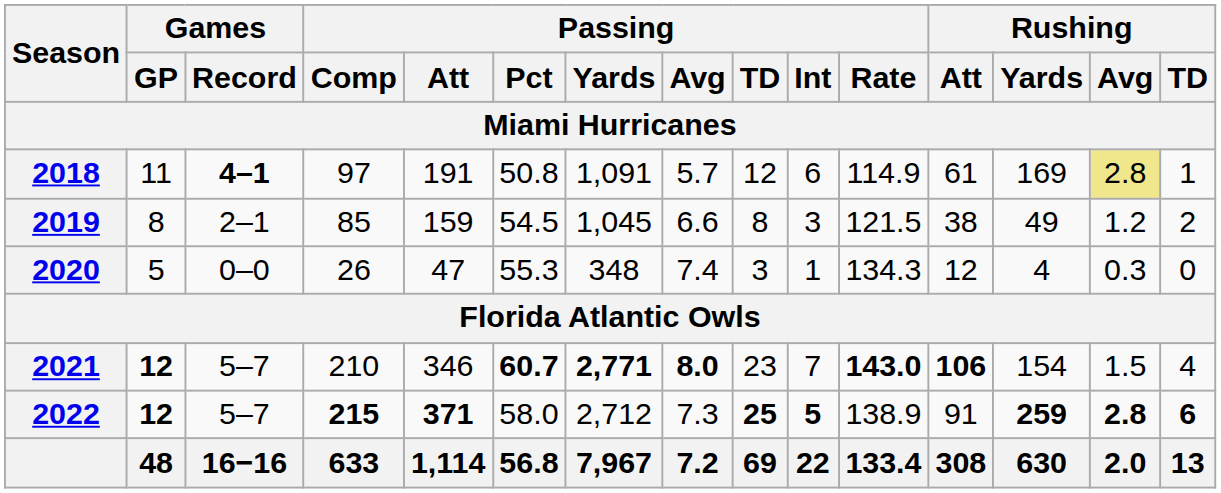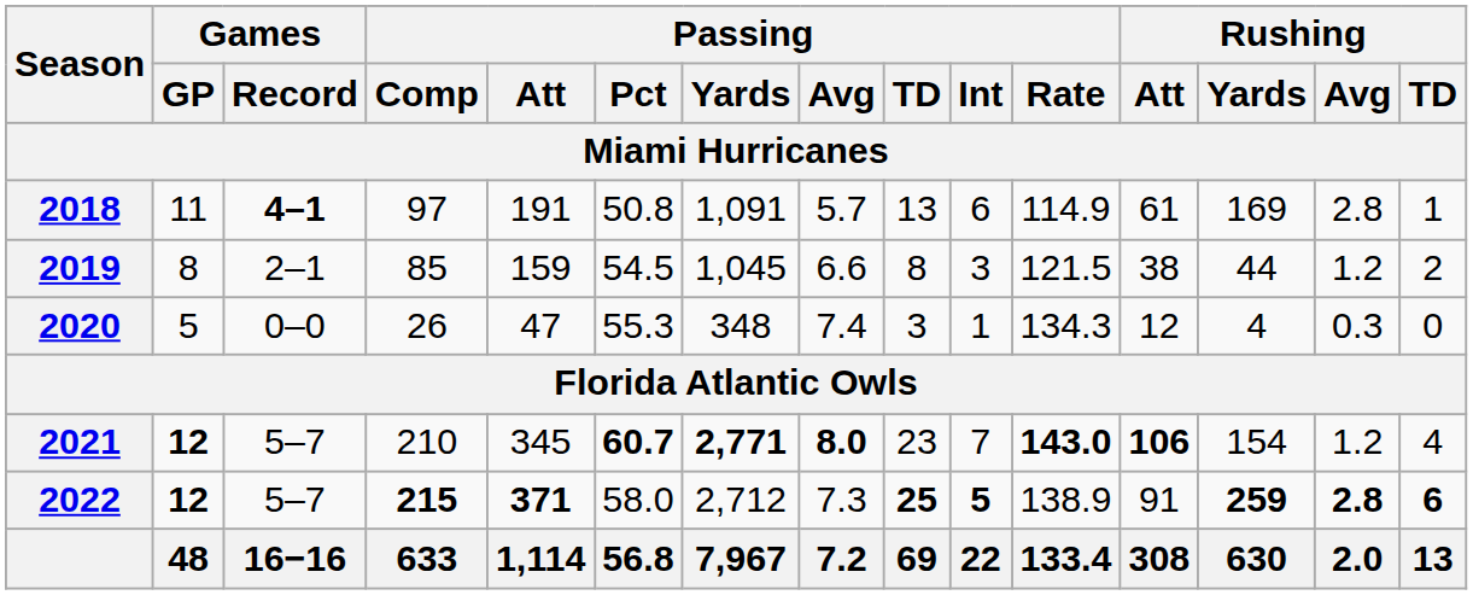 <table class="wikitable" style="text-align:center;">
 <tr>
 <th rowspan="2">Season</th>
 <th colspan="2">Games</th>
 <th colspan="8">Passing</th>
 <th colspan="4">Rushing</th>
 </tr>
 <tr>
 <th>GP</th>
 <th>Record</th>
 <th>Comp</th>
 <th>Att</th>
 <th>Pct</th>
 <th>Yards</th>
 <th>Avg</th>
 <th>TD</th>
 <th>Int</th>
 <th>Rate</th>
 <th>Att</th>
 <th>Yards</th>
 <th>Avg</th>
 <th>TD</th>
 </tr>
 <tr>
 <th colspan="16">Miami Hurricanes</th>
 </tr>
 <tr>
 <th><a href='#'>2018</a></th>
 <td>11</td>
 <td><strong>4–1</strong></td>
 <td>97</td>
 <td>191</td>
 <td>50.8</td>
 <td>1,091</td>
 <td>5.7</td>
-<td>12</td>
+<td>13</td>
 <td>6</td>
 <td>114.9</td>
 <td>61</td>
 <td>169</td>
-<td style="background: khaki;">2.8</td>
+<td>2.8</td>
 <td>1</td>
 </tr>
 <tr>
 <th><a href='#'>2019</a></th>
 <td>8</td>
 <td>2–1</td>
 <td>85</td>
 <td>159</td>
 <td>54.5</td>
 <td>1,045</td>
 <td>6.6</td>
 <td>8</td>
 <td>3</td>
 <td>121.5</td>
 <td>38</td>
-<td>49</td>
+<td>44</td>
 <td>1.2</td>
 <td>2</td>
 </tr>
 <tr>
 <th><a href='#'>2020</a></th>
 <td>5</td>
 <td>0–0</td>
 <td>26</td>
 <td>47</td>
 <td>55.3</td>
 <td>348</td>
 <td>7.4</td>
 <td>3</td>
 <td>1</td>
 <td>134.3</td>
 <td>12</td>
 <td>4</td>
 <td>0.3</td>
 <td>0</td>
 </tr>
 <tr>
 <th colspan="16">Florida Atlantic Owls</th>
 </tr>
 <tr>
 <th><a href='#'>2021</a></th>
 <td><strong>12</strong></td>
 <td>5–7</td>
 <td>210</td>
-<td>346</td>
+<td>345</td>
 <td><strong>60.7</strong></td>
 <td><strong>2,771</strong></td>
 <td><strong>8.0</strong></td>
 <td>23</td>
 <td>7</td>
 <td><strong>143.0</strong></td>
 <td><strong>106</strong></td>
 <td>154</td>
-<td>1.5</td>
+<td>1.2</td>
 <td>4</td>
 </tr>
 <tr>
 <th><a href='#'>2022</a></th>
 <td><strong>12</strong></td>
 <td>5–7</td>
 <td><strong>215</strong></td>
 <td><strong>371</strong></td>
 <td>58.0</td>
 <td>2,712</td>
 <td>7.3</td>
 <td><strong>25</strong></td>
 <td><strong>5</strong></td>
 <td>138.9</td>
 <td>91</td>
 <td><strong>259</strong></td>
 <td><strong>2.8</strong></td>
 <td><strong>6</strong></td>
 </tr>
 <tr>
 <th></th>
 <th>48</th>
 <th>16−16</th>
 <th>633</th>
 <th>1,114</th>
 <th>56.8</th>
 <th>7,967</th>
 <th>7.2</th>
 <th>69</th>
 <th>22</th>
 <th>133.4</th>
 <th>308</th>
 <th>630</th>
 <th>2.0</th>
 <th>13</th>
 </tr>
 </table>
